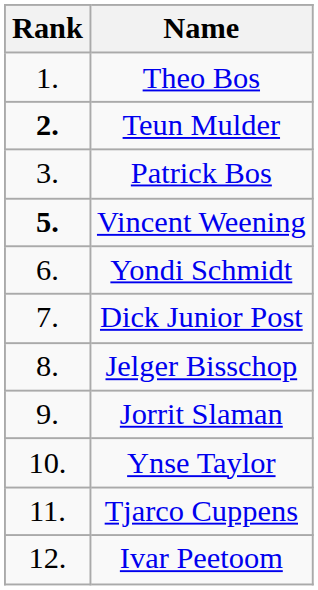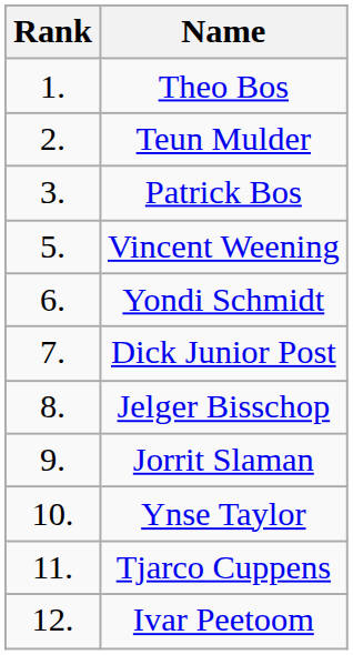 <table class="wikitable sortable" style="text-align:center">
 <tr>
 <th>Rank</th>
 <th>Name</th>
 </tr>
 <tr>
 <td align="center">1.</td>
 <td><a href='#'>Theo Bos</a></td>
 </tr>
 <tr>
-<td align="center"><strong>2.</strong></td>
+<td align="center">2.</td>
 <td><a href='#'>Teun Mulder</a></td>
 </tr>
 <tr>
 <td align="center">3.</td>
 <td><a href='#'>Patrick Bos</a></td>
 </tr>
 <tr>
-<td align="center"><strong>5.</strong></td>
+<td align="center">5.</td>
 <td><a href='#'>Vincent Weening</a></td>
 </tr>
 <tr>
 <td align="center">6.</td>
 <td><a href='#'>Yondi Schmidt</a></td>
 </tr>
 <tr>
 <td align="center">7.</td>
 <td><a href='#'>Dick Junior Post</a></td>
 </tr>
 <tr>
 <td align="center">8.</td>
 <td><a href='#'>Jelger Bisschop</a></td>
 </tr>
 <tr>
 <td align="center">9.</td>
 <td><a href='#'>Jorrit Slaman</a></td>
 </tr>
 <tr>
 <td align="center">10.</td>
 <td><a href='#'>Ynse Taylor</a></td>
 </tr>
 <tr>
 <td align="center">11.</td>
 <td><a href='#'>Tjarco Cuppens</a></td>
 </tr>
 <tr>
 <td align="center">12.</td>
 <td><a href='#'>Ivar Peetoom</a></td>
 </tr>
 </table>
